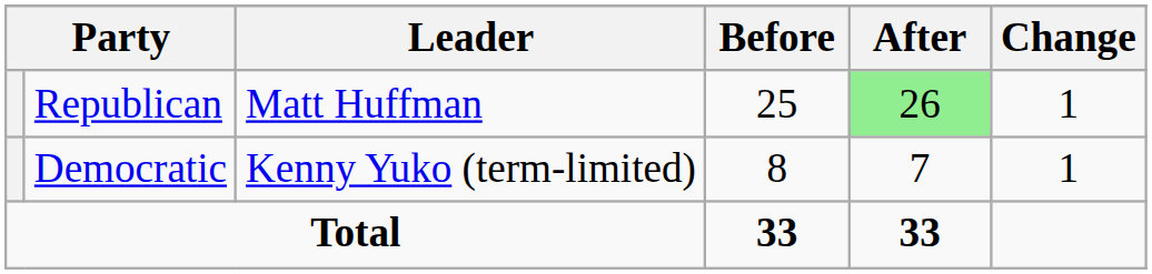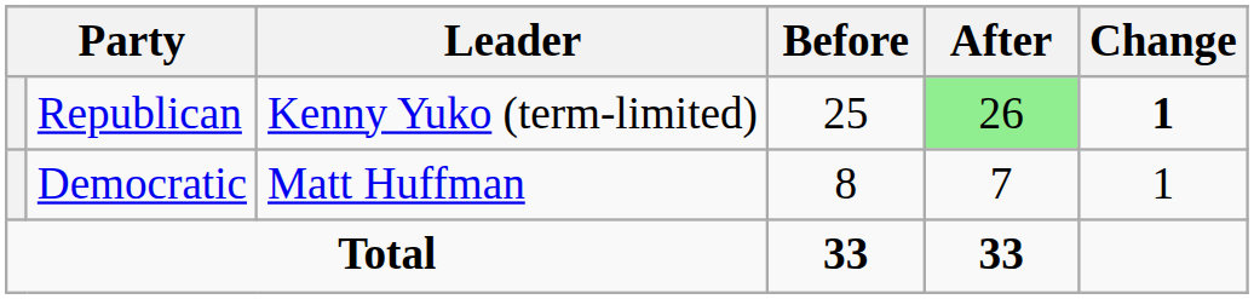 <table class="wikitable" style="text-align:center;">
 <tr>
 </tr>
 <tr>
 <th colspan=2>Party</th>
 <th>Leader</th>
 <th style="width:3em">Before</th>
 <th style="width:3em">After</th>
 <th style="width:3em">Change</th>
 </tr>
 <tr>
 <th style="background-color:"></th>
 <td style="text-align:left;"><a href='#'>Republican</a></td>
-<td style="text-align:left;"><a href='#'>Matt Huffman</a></td>
+<td style="text-align:left;"><a href='#'>Kenny Yuko</a> (term-limited)</td>
 <td>25</td>
 <td style="background: lightgreen;">26</td>
-<td> 1</td>
+<td><strong> 1</strong></td>
 </tr>
 <tr>
 <th style="background-color:"></th>
 <td style="text-align:left;"><a href='#'>Democratic</a></td>
-<td style="text-align:left;"><a href='#'>Kenny Yuko</a> (term-limited)</td>
+<td style="text-align:left;"><a href='#'>Matt Huffman</a></td>
 <td>8</td>
 <td>7</td>
 <td> 1</td>
 </tr>
 <tr>
 <td colspan=3><strong>Total</strong></td>
 <td><strong>33</strong></td>
 <td><strong>33</strong></td>
 <td></td>
 </tr>
 </table>
